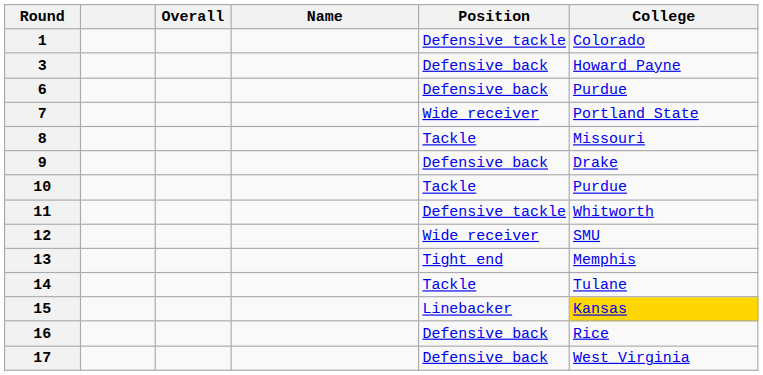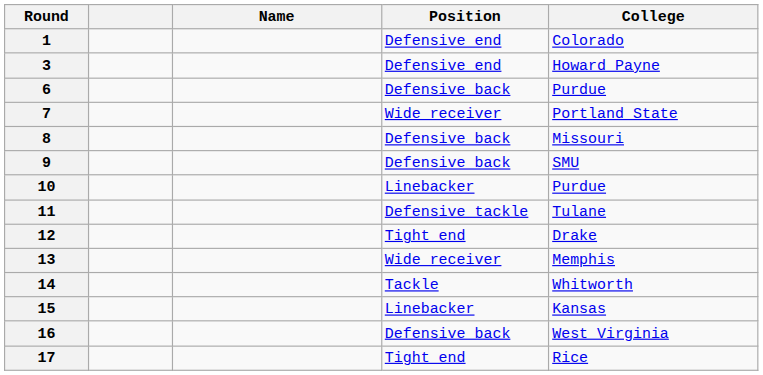 <table class="wikitable sortable">
 <tr>
 <th scope="col" style="width: 10%;">Round</th>
 <th scope="col" style="width: 10%;"></th>
-<th scope="col" style="width: 10%;">Overall</th>
 <th scope="col" style="width: 25%;">Name</th>
 <th scope="col" style="width: 20%;">Position</th>
 <th scope="col" style="width: 25%;">College</th>
 </tr>
 <tr>
 <th scope="row">1</th>
 <td></td>
 <td></td>
-<td></td>
-<td><a href='#'>Defensive tackle</a></td>
+<td><a href='#'>Defensive end</a></td>
 <td><a href='#'>Colorado</a></td>
 </tr>
 <tr>
 <th scope="row">3</th>
 <td></td>
 <td></td>
-<td></td>
-<td><a href='#'>Defensive back</a></td>
+<td><a href='#'>Defensive end</a></td>
 <td><a href='#'>Howard Payne</a></td>
 </tr>
 <tr>
 <th scope="row">6</th>
-<td></td>
 <td></td>
 <td></td>
 <td><a href='#'>Defensive back</a></td>
 <td><a href='#'>Purdue</a></td>
 </tr>
 <tr>
 <th scope="row">7</th>
 <td></td>
 <td></td>
-<td></td>
 <td><a href='#'>Wide receiver</a></td>
 <td><a href='#'>Portland State</a></td>
 </tr>
 <tr>
 <th scope="row">8</th>
 <td></td>
 <td></td>
-<td></td>
-<td><a href='#'>Tackle</a></td>
+<td><a href='#'>Defensive back</a></td>
 <td><a href='#'>Missouri</a></td>
 </tr>
 <tr>
 <th scope="row">9</th>
 <td></td>
 <td></td>
-<td></td>
 <td><a href='#'>Defensive back</a></td>
-<td><a href='#'>Drake</a></td>
+<td><a href='#'>SMU</a></td>
 </tr>
 <tr>
 <th scope="row">10</th>
 <td></td>
 <td></td>
-<td></td>
-<td><a href='#'>Tackle</a></td>
+<td><a href='#'>Linebacker</a></td>
 <td><a href='#'>Purdue</a></td>
 </tr>
 <tr>
 <th scope="row">11</th>
 <td></td>
 <td></td>
-<td></td>
 <td><a href='#'>Defensive tackle</a></td>
-<td><a href='#'>Whitworth</a></td>
+<td><a href='#'>Tulane</a></td>
 </tr>
 <tr>
 <th scope="row">12</th>
 <td></td>
 <td></td>
-<td></td>
-<td><a href='#'>Wide receiver</a></td>
-<td><a href='#'>SMU</a></td>
+<td><a href='#'>Tight end</a></td>
+<td><a href='#'>Drake</a></td>
 </tr>
 <tr>
 <th scope="row">13</th>
 <td></td>
 <td></td>
-<td></td>
-<td><a href='#'>Tight end</a></td>
+<td><a href='#'>Wide receiver</a></td>
 <td><a href='#'>Memphis</a></td>
 </tr>
 <tr>
 <th scope="row">14</th>
 <td></td>
 <td></td>
-<td></td>
 <td><a href='#'>Tackle</a></td>
-<td><a href='#'>Tulane</a></td>
+<td><a href='#'>Whitworth</a></td>
 </tr>
 <tr>
 <th scope="row">15</th>
 <td></td>
 <td></td>
-<td></td>
 <td><a href='#'>Linebacker</a></td>
-<td style="background: gold;"><a href='#'>Kansas</a></td>
+<td><a href='#'>Kansas</a></td>
 </tr>
 <tr>
 <th scope="row">16</th>
 <td></td>
 <td></td>
-<td></td>
 <td><a href='#'>Defensive back</a></td>
-<td><a href='#'>Rice</a></td>
+<td><a href='#'>West Virginia</a></td>
 </tr>
 <tr>
 <th scope="row">17</th>
 <td></td>
 <td></td>
-<td></td>
-<td><a href='#'>Defensive back</a></td>
-<td><a href='#'>West Virginia</a></td>
+<td><a href='#'>Tight end</a></td>
+<td><a href='#'>Rice</a></td>
 </tr>
 </table>
